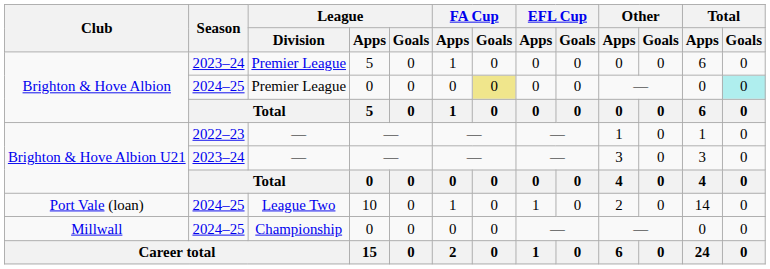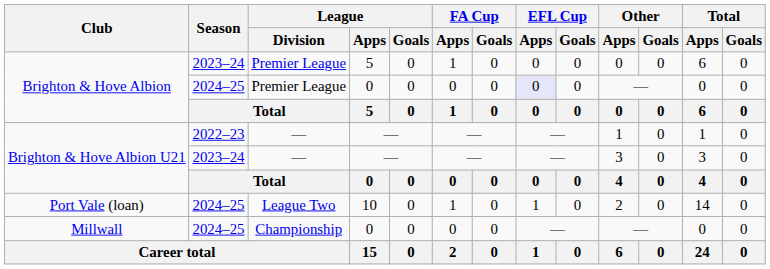 <table class="wikitable" style="text-align:center">
 <tr>
 <th rowspan="2">Club</th>
 <th rowspan="2">Season</th>
 <th colspan="3">League</th>
 <th colspan="2"><a href='#'>FA Cup</a></th>
 <th colspan="2"><a href='#'>EFL Cup</a></th>
 <th colspan="2">Other</th>
 <th colspan="2">Total</th>
 </tr>
 <tr>
 <th>Division</th>
 <th>Apps</th>
 <th>Goals</th>
 <th>Apps</th>
 <th>Goals</th>
 <th>Apps</th>
 <th>Goals</th>
 <th>Apps</th>
 <th>Goals</th>
 <th>Apps</th>
 <th>Goals</th>
 </tr>
 <tr>
 <td rowspan=3><a href='#'>Brighton & Hove Albion</a></td>
 <td><a href='#'>2023–24</a></td>
 <td><a href='#'>Premier League</a></td>
 <td>5</td>
 <td>0</td>
 <td>1</td>
 <td>0</td>
 <td>0</td>
 <td>0</td>
 <td>0</td>
 <td>0</td>
 <td>6</td>
 <td>0</td>
 </tr>
 <tr>
 <td><a href='#'>2024–25</a></td>
 <td>Premier League</td>
 <td>0</td>
 <td>0</td>
 <td>0</td>
-<td style="background: khaki;">0</td>
 <td>0</td>
+<td style="background: lavender;">0</td>
 <td>0</td>
 <td colspan="2">—</td>
 <td>0</td>
-<td style="background: paleturquoise;">0</td>
+<td>0</td>
 </tr>
 <tr>
 <th colspan="2">Total</th>
 <th>5</th>
 <th>0</th>
 <th>1</th>
 <th>0</th>
 <th>0</th>
 <th>0</th>
 <th>0</th>
 <th>0</th>
 <th>6</th>
 <th>0</th>
 </tr>
 <tr>
 <td rowspan=3><a href='#'>Brighton & Hove Albion U21</a></td>
 <td><a href='#'>2022–23</a></td>
 <td>—</td>
 <td colspan="2">—</td>
 <td colspan="2">—</td>
 <td colspan="2">—</td>
 <td>1</td>
 <td>0</td>
 <td>1</td>
 <td>0</td>
 </tr>
 <tr>
 <td><a href='#'>2023–24</a></td>
 <td>—</td>
 <td colspan="2">—</td>
 <td colspan="2">—</td>
 <td colspan="2">—</td>
 <td>3</td>
 <td>0</td>
 <td>3</td>
 <td>0</td>
 </tr>
 <tr>
 <th colspan="2">Total</th>
 <th>0</th>
 <th>0</th>
 <th>0</th>
 <th>0</th>
 <th>0</th>
 <th>0</th>
 <th>4</th>
 <th>0</th>
 <th>4</th>
 <th>0</th>
 </tr>
 <tr>
 <td><a href='#'>Port Vale</a> (loan)</td>
 <td><a href='#'>2024–25</a></td>
 <td><a href='#'>League Two</a></td>
 <td>10</td>
 <td>0</td>
 <td>1</td>
 <td>0</td>
 <td>1</td>
 <td>0</td>
 <td>2</td>
 <td>0</td>
 <td>14</td>
 <td>0</td>
 </tr>
 <tr>
 <td><a href='#'>Millwall</a></td>
 <td><a href='#'>2024–25</a></td>
 <td><a href='#'>Championship</a></td>
 <td>0</td>
 <td>0</td>
 <td>0</td>
 <td>0</td>
 <td colspan="2">—</td>
 <td colspan="2">—</td>
 <td>0</td>
 <td>0</td>
 </tr>
 <tr>
 <th colspan="3">Career total</th>
 <th>15</th>
 <th>0</th>
 <th>2</th>
 <th>0</th>
 <th>1</th>
 <th>0</th>
 <th>6</th>
 <th>0</th>
 <th>24</th>
 <th>0</th>
 </tr>
 </table>
